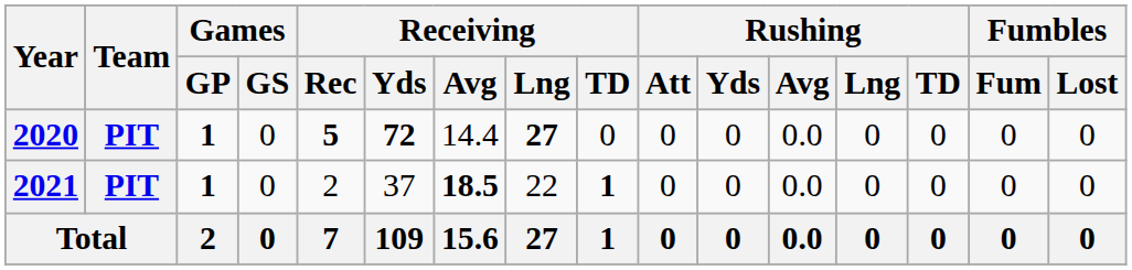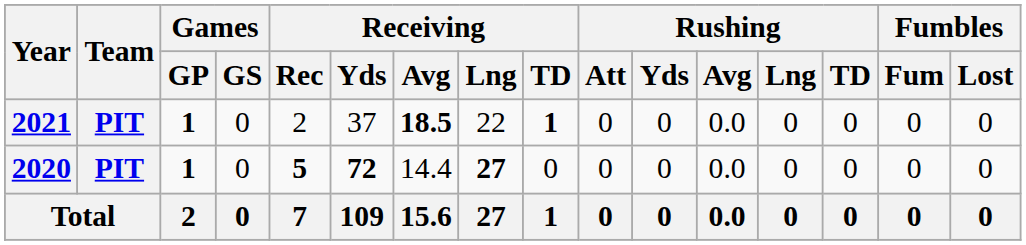 <table class="wikitable" style="text-align:center;">
 <tr>
 <th rowspan="2">Year</th>
 <th rowspan="2">Team</th>
 <th colspan="2">Games</th>
 <th colspan="5">Receiving</th>
 <th colspan="5">Rushing</th>
 <th colspan="2">Fumbles</th>
 </tr>
 <tr>
 <th>GP</th>
 <th>GS</th>
 <th>Rec</th>
 <th>Yds</th>
 <th>Avg</th>
 <th>Lng</th>
 <th>TD</th>
 <th>Att</th>
 <th>Yds</th>
 <th>Avg</th>
 <th>Lng</th>
 <th>TD</th>
 <th>Fum</th>
 <th>Lost</th>
 </tr>
 <tr>
+<th><a href='#'>2021</a></th>
+<th><a href='#'>PIT</a></th>
+<td><strong>1</strong></td>
+<td>0</td>
+<td>2</td>
+<td>37</td>
+<td><strong>18.5</strong></td>
+<td>22</td>
+<td><strong>1</strong></td>
+<td>0</td>
+<td>0</td>
+<td>0.0</td>
+<td>0</td>
+<td>0</td>
+<td>0</td>
+<td>0</td>
+</tr>
+<tr>
 <th><a href='#'>2020</a></th>
 <th><a href='#'>PIT</a></th>
 <td><strong>1</strong></td>
 <td>0</td>
 <td><strong>5</strong></td>
 <td><strong>72</strong></td>
 <td>14.4</td>
 <td><strong>27</strong></td>
 <td>0</td>
-<td>0</td>
-<td>0</td>
-<td>0.0</td>
-<td>0</td>
-<td>0</td>
-<td>0</td>
-<td>0</td>
-</tr>
-<tr>
-<th><a href='#'>2021</a></th>
-<th><a href='#'>PIT</a></th>
-<td><strong>1</strong></td>
-<td>0</td>
-<td>2</td>
-<td>37</td>
-<td><strong>18.5</strong></td>
-<td>22</td>
-<td><strong>1</strong></td>
 <td>0</td>
 <td>0</td>
 <td>0.0</td>
 <td>0</td>
 <td>0</td>
 <td>0</td>
 <td>0</td>
 </tr>
 <tr>
 <th colspan="2">Total</th>
 <th>2</th>
 <th>0</th>
 <th>7</th>
 <th>109</th>
 <th>15.6</th>
 <th>27</th>
 <th>1</th>
 <th>0</th>
 <th>0</th>
 <th>0.0</th>
 <th>0</th>
 <th>0</th>
 <th>0</th>
 <th>0</th>
 </tr>
 </table>
